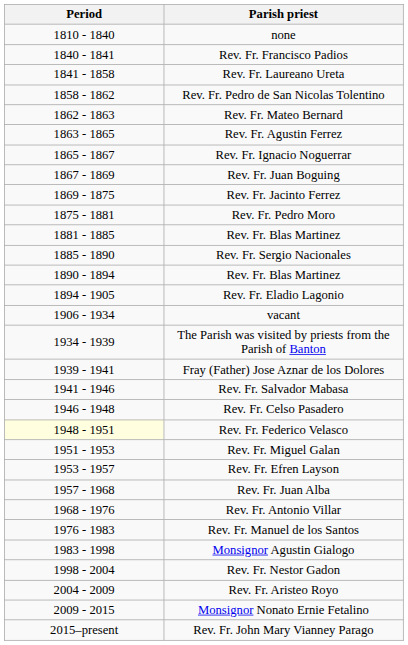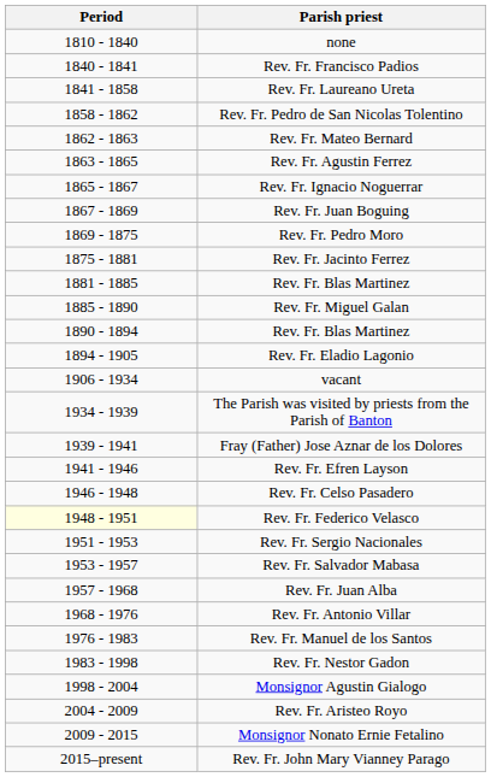 <table class="wikitable" style="text-align:center;" width=40%>
 <tr>
 <th width=40%>Period</th>
 <th>Parish priest</th>
 </tr>
 <tr>
 <td>1810 - 1840</td>
 <td>none</td>
 </tr>
 <tr>
 <td>1840 - 1841</td>
 <td>Rev. Fr. Francisco Padios</td>
 </tr>
 <tr>
 <td>1841 - 1858</td>
 <td>Rev. Fr. Laureano Ureta</td>
 </tr>
 <tr>
 <td>1858 - 1862</td>
 <td>Rev. Fr. Pedro de San Nicolas Tolentino</td>
 </tr>
 <tr>
 <td>1862 - 1863</td>
 <td>Rev. Fr. Mateo Bernard</td>
 </tr>
 <tr>
 <td>1863 - 1865</td>
 <td>Rev. Fr. Agustin Ferrez</td>
 </tr>
 <tr>
 <td>1865 - 1867</td>
 <td>Rev. Fr. Ignacio Noguerrar</td>
 </tr>
 <tr>
 <td>1867 - 1869</td>
 <td>Rev. Fr. Juan Boguing</td>
 </tr>
 <tr>
 <td>1869 - 1875</td>
-<td>Rev. Fr. Jacinto Ferrez</td>
+<td>Rev. Fr. Pedro Moro</td>
 </tr>
 <tr>
 <td>1875 - 1881</td>
-<td>Rev. Fr. Pedro Moro</td>
+<td>Rev. Fr. Jacinto Ferrez</td>
 </tr>
 <tr>
 <td>1881 - 1885</td>
 <td>Rev. Fr. Blas Martinez</td>
 </tr>
 <tr>
 <td>1885 - 1890</td>
-<td>Rev. Fr. Sergio Nacionales</td>
+<td>Rev. Fr. Miguel Galan</td>
 </tr>
 <tr>
 <td>1890 - 1894</td>
 <td>Rev. Fr. Blas Martinez</td>
 </tr>
 <tr>
 <td>1894 - 1905</td>
 <td>Rev. Fr. Eladio Lagonio</td>
 </tr>
 <tr>
 <td>1906 - 1934</td>
 <td>vacant</td>
 </tr>
 <tr>
 <td>1934 - 1939</td>
 <td>The Parish was visited by priests from the Parish of <a href='#'>Banton</a></td>
 </tr>
 <tr>
 <td>1939 - 1941</td>
 <td>Fray (Father) Jose Aznar de los Dolores</td>
 </tr>
 <tr>
 <td>1941 - 1946</td>
-<td>Rev. Fr. Salvador Mabasa</td>
+<td>Rev. Fr. Efren Layson</td>
 </tr>
 <tr>
 <td>1946 - 1948</td>
 <td>Rev. Fr. Celso Pasadero</td>
 </tr>
 <tr>
 <td style="background: lightyellow;">1948 - 1951</td>
 <td>Rev. Fr. Federico Velasco</td>
 </tr>
 <tr>
 <td>1951 - 1953</td>
-<td>Rev. Fr. Miguel Galan</td>
+<td>Rev. Fr. Sergio Nacionales</td>
 </tr>
 <tr>
 <td>1953 - 1957</td>
-<td>Rev. Fr. Efren Layson</td>
+<td>Rev. Fr. Salvador Mabasa</td>
 </tr>
 <tr>
 <td>1957 - 1968</td>
 <td>Rev. Fr. Juan Alba</td>
 </tr>
 <tr>
 <td>1968 - 1976</td>
 <td>Rev. Fr. Antonio Villar</td>
 </tr>
 <tr>
 <td>1976 - 1983</td>
 <td>Rev. Fr. Manuel de los Santos</td>
 </tr>
 <tr>
 <td>1983 - 1998</td>
-<td><a href='#'>Monsignor</a> Agustin Gialogo</td>
+<td>Rev. Fr. Nestor Gadon</td>
 </tr>
 <tr>
 <td>1998 - 2004</td>
-<td>Rev. Fr. Nestor Gadon</td>
+<td><a href='#'>Monsignor</a> Agustin Gialogo</td>
 </tr>
 <tr>
 <td>2004 - 2009</td>
 <td>Rev. Fr. Aristeo Royo</td>
 </tr>
 <tr>
 <td>2009 - 2015</td>
 <td><a href='#'>Monsignor</a> Nonato Ernie Fetalino</td>
 </tr>
 <tr>
 <td>2015–present</td>
 <td>Rev. Fr. John Mary Vianney Parago</td>
 </tr>
 </table>
